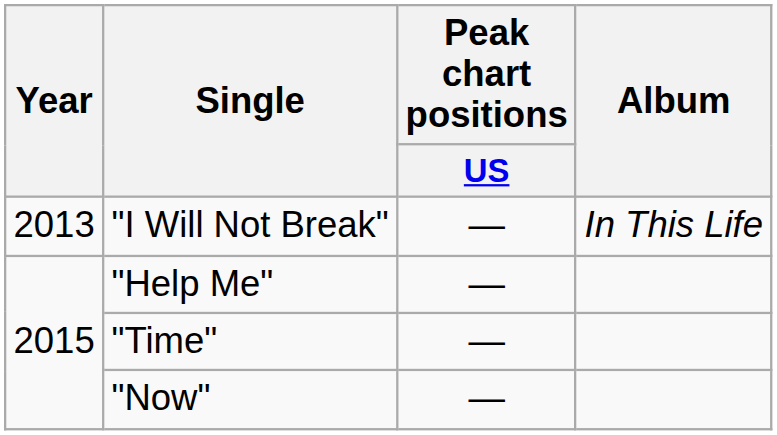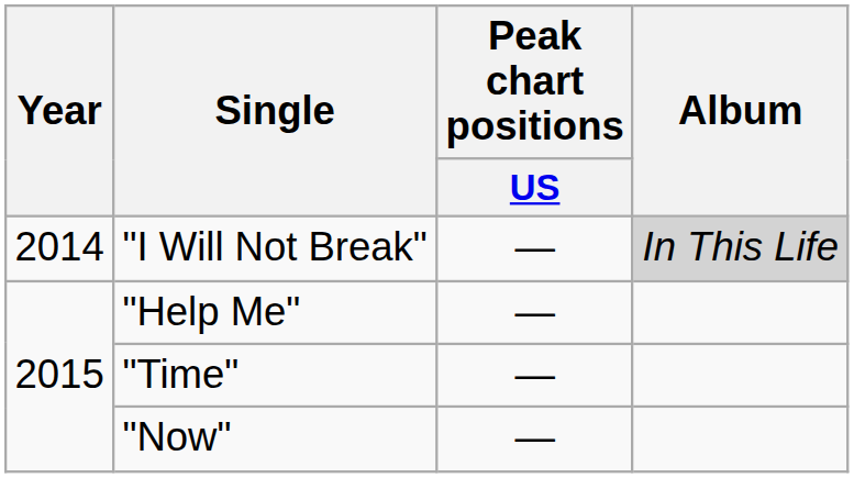 <table class="wikitable plainrowheaders" style="text-align:center;">
 <tr>
 <th scope="col" rowspan="2">Year</th>
 <th scope="col" rowspan="2">Single</th>
 <th scope="col" colspan="1">Peak chart positions</th>
 <th scope="col" rowspan="2">Album</th>
 </tr>
 <tr>
 <th scope="col" style="width:3em;font-size:90%;"><a href='#'>US</a><br></th>
 </tr>
 <tr>
-<td rowspan="1">2013</td>
+<td rowspan="1">2014</td>
 <td align=left>"I Will Not Break"</td>
 <td>—</td>
-<td align="left" rowspan="1"><em>In This Life</em></td>
+<td align="left" rowspan="1" style="background: lightgrey;"><em>In This Life</em></td>
 </tr>
 <tr>
 <td rowspan="3">2015</td>
 <td align=left>"Help Me"</td>
 <td>—</td>
 <td></td>
 </tr>
 <tr>
 <td align=left>"Time"</td>
 <td>—</td>
 <td></td>
 </tr>
 <tr>
 <td align=left>"Now"</td>
 <td>—</td>
 <td></td>
 </tr>
 </table>
